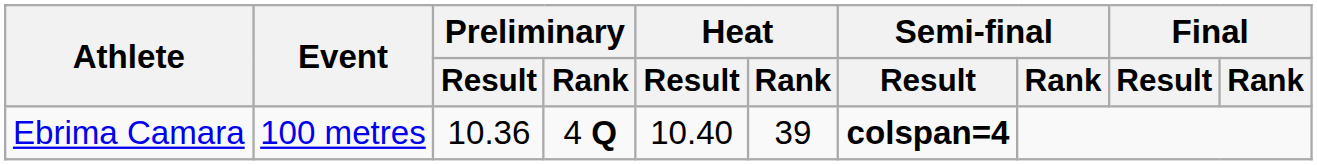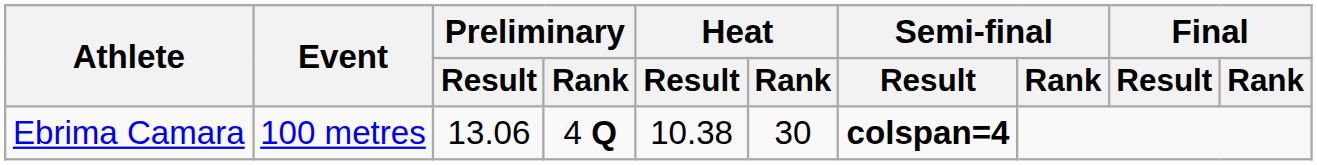 <table class="wikitable" style="font-size:90%">
 <tr>
 <th rowspan="2">Athlete</th>
 <th rowspan="2">Event</th>
 <th colspan="2">Preliminary</th>
 <th colspan="2">Heat</th>
 <th colspan="2">Semi-final</th>
 <th colspan="2">Final</th>
 </tr>
 <tr style="font-size:95%">
 <th>Result</th>
 <th>Rank</th>
 <th>Result</th>
 <th>Rank</th>
 <th>Result</th>
 <th>Rank</th>
 <th>Result</th>
 <th>Rank</th>
 </tr>
 <tr style=text-align:center>
 <td style=text-align:left><a href='#'>Ebrima Camara</a></td>
 <td style=text-align:left><a href='#'>100 metres</a></td>
-<td>10.36</td>
+<td>13.06</td>
 <td>4 <strong>Q</strong></td>
-<td>10.40</td>
-<td>39</td>
+<td>10.38</td>
+<td>30</td>
 <td><strong>colspan=4</strong></td>
 </tr>
 </table>
